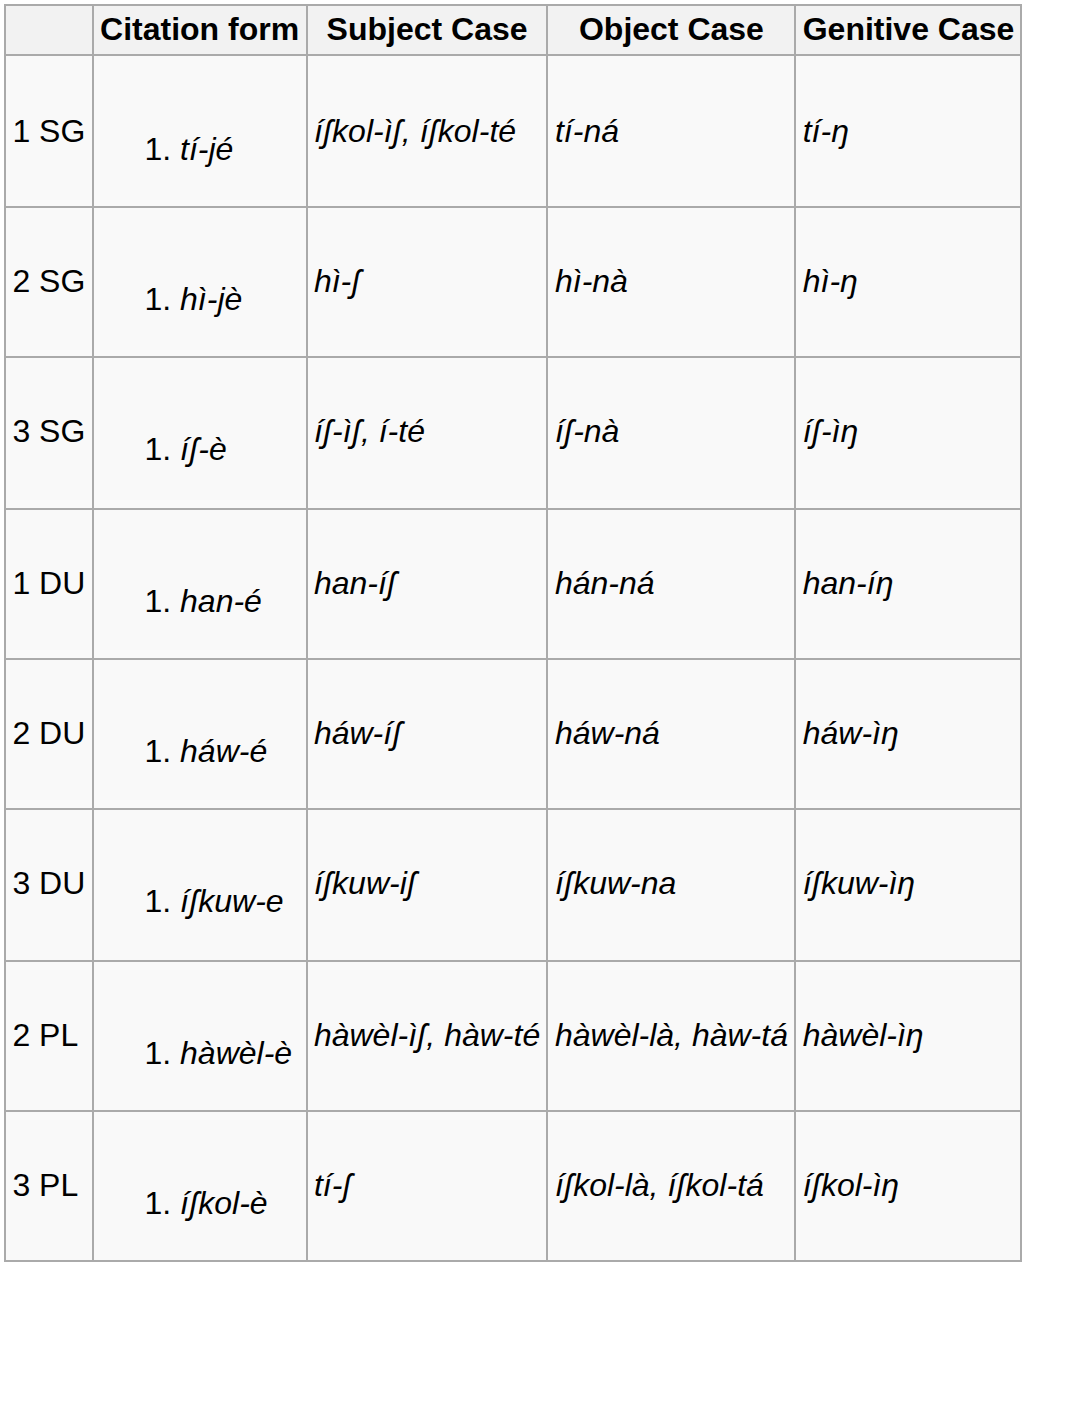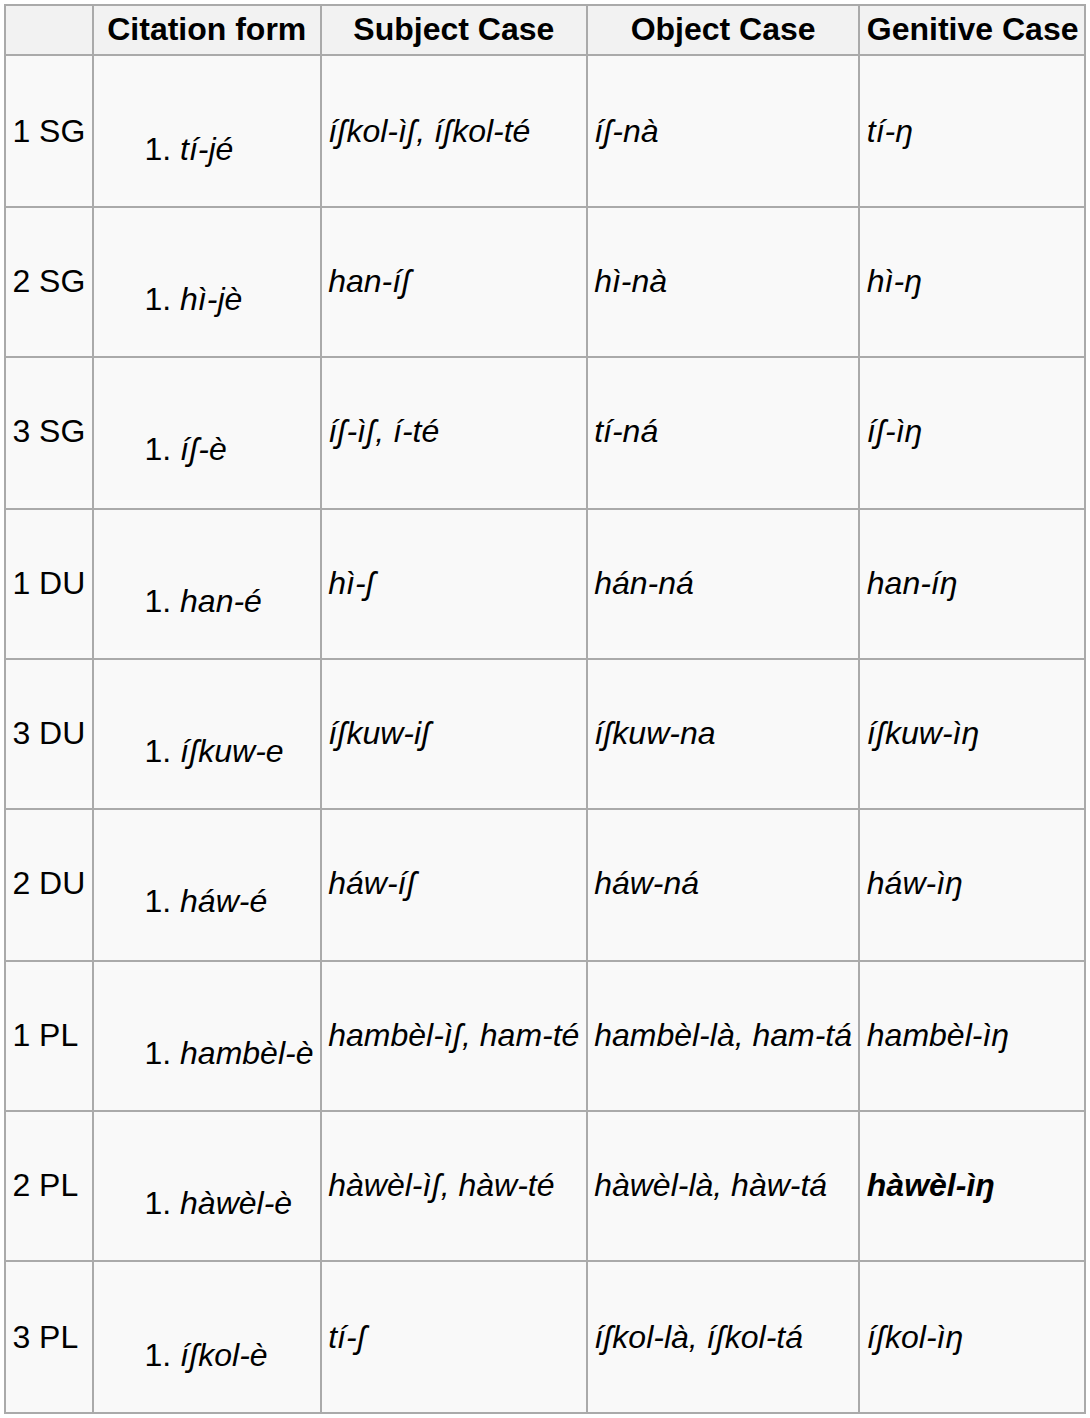 <table class="wikitable">
 <tr>
 <th></th>
 <th>Citation form</th>
 <th>Subject Case</th>
 <th>Object Case</th>
 <th>Genitive Case</th>
 </tr>
 <tr>
 <td>1 SG</td>
 <td><br><ol><li><em>tí-jé</em></li></ol></td>
 <td><em>íʃkol-ìʃ, íʃkol-té</em></td>
-<td><em>tí-ná</em></td>
+<td><em>íʃ-nà</em></td>
 <td><em>tí-ŋ</em></td>
 </tr>
 <tr>
 <td>2 SG</td>
 <td><br><ol><li><em>hì-jè</em></li></ol></td>
-<td><em>hì-ʃ</em></td>
+<td><em>han-íʃ</em></td>
 <td><em>hì-nà</em></td>
 <td><em>hì-ŋ</em></td>
 </tr>
 <tr>
 <td>3 SG</td>
 <td><br><ol><li><em>íʃ-è</em></li></ol></td>
 <td><em>íʃ-ìʃ, í-té</em></td>
-<td><em>íʃ-nà</em></td>
+<td><em>tí-ná</em></td>
 <td><em>íʃ-ìŋ</em></td>
 </tr>
 <tr>
 <td>1 DU</td>
 <td><br><ol><li><em>han-é</em></li></ol></td>
-<td><em>han-íʃ</em></td>
+<td><em>hì-ʃ</em></td>
 <td><em>hán-ná</em></td>
 <td><em>han-íŋ</em></td>
+</tr>
+<tr>
+<td>3 DU</td>
+<td><br><ol><li><em>íʃkuw-e</em></li></ol></td>
+<td><em>íʃkuw-iʃ</em></td>
+<td><em>íʃkuw-na</em></td>
+<td><em>íʃkuw-ìŋ</em></td>
 </tr>
 <tr>
 <td>2 DU</td>
 <td><br><ol><li><em>háw-é</em></li></ol></td>
 <td><em>háw-íʃ</em></td>
 <td><em>háw-ná</em></td>
 <td><em>háw-ìŋ</em></td>
 </tr>
 <tr>
-<td>3 DU</td>
-<td><br><ol><li><em>íʃkuw-e</em></li></ol></td>
-<td><em>íʃkuw-iʃ</em></td>
-<td><em>íʃkuw-na</em></td>
-<td><em>íʃkuw-ìŋ</em></td>
+<td>1 PL</td>
+<td><br><ol><li><em>hambèl-è</em></li></ol></td>
+<td><em>hambèl-ìʃ, ham-té</em></td>
+<td><em>hambèl-là, ham-tá</em></td>
+<td><em>hambèl-ìŋ</em></td>
 </tr>
 <tr>
 <td>2 PL</td>
 <td><br><ol><li><em>hàwèl-è</em></li></ol></td>
 <td><em>hàwèl-ìʃ, hàw-té</em></td>
 <td><em>hàwèl-là, hàw-tá</em></td>
-<td><em>hàwèl-ìŋ</em></td>
+<td><strong><em>hàwèl-ìŋ</em></strong></td>
 </tr>
 <tr>
 <td>3 PL</td>
 <td><br><ol><li><em>íʃkol-è</em></li></ol></td>
 <td><em>tí-ʃ</em></td>
 <td><em>íʃkol-là, íʃkol-tá</em></td>
 <td><em>íʃkol-ìŋ</em></td>
 </tr>
 </table>
